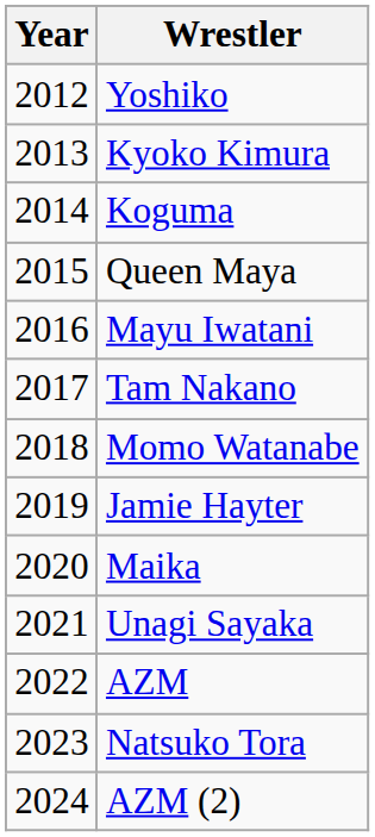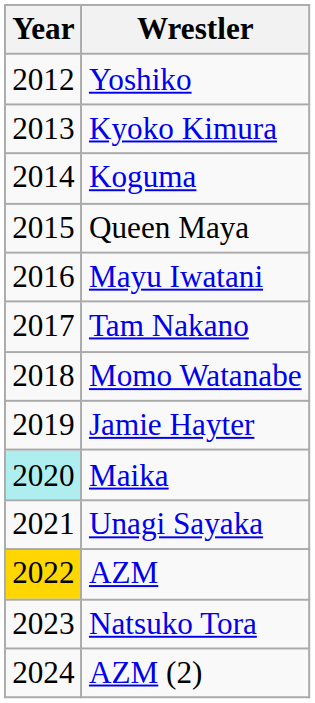 <table class="wikitable">
 <tr>
 <th>Year</th>
 <th>Wrestler</th>
 </tr>
 <tr>
 <td>2012</td>
 <td><a href='#'>Yoshiko</a></td>
 </tr>
 <tr>
 <td>2013</td>
 <td><a href='#'>Kyoko Kimura</a></td>
 </tr>
 <tr>
 <td>2014</td>
 <td><a href='#'>Koguma</a></td>
 </tr>
 <tr>
 <td>2015</td>
 <td>Queen Maya</td>
 </tr>
 <tr>
 <td>2016</td>
 <td><a href='#'>Mayu Iwatani</a></td>
 </tr>
 <tr>
 <td>2017</td>
 <td><a href='#'>Tam Nakano</a></td>
 </tr>
 <tr>
 <td>2018</td>
 <td><a href='#'>Momo Watanabe</a></td>
 </tr>
 <tr>
 <td>2019</td>
 <td><a href='#'>Jamie Hayter</a></td>
 </tr>
 <tr>
-<td>2020</td>
+<td style="background: paleturquoise;">2020</td>
 <td><a href='#'>Maika</a></td>
 </tr>
 <tr>
 <td>2021</td>
 <td><a href='#'>Unagi Sayaka</a></td>
 </tr>
 <tr>
-<td>2022</td>
+<td style="background: gold;">2022</td>
 <td><a href='#'>AZM</a></td>
 </tr>
 <tr>
 <td>2023</td>
 <td><a href='#'>Natsuko Tora</a></td>
 </tr>
 <tr>
 <td>2024</td>
 <td><a href='#'>AZM</a> (2)</td>
 </tr>
 </table>
